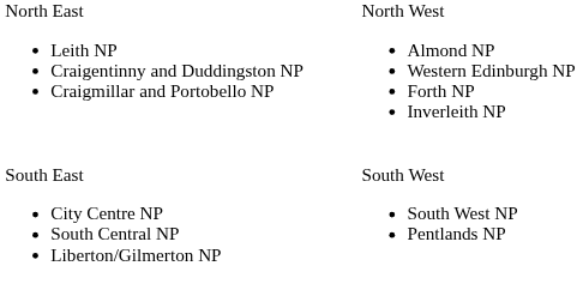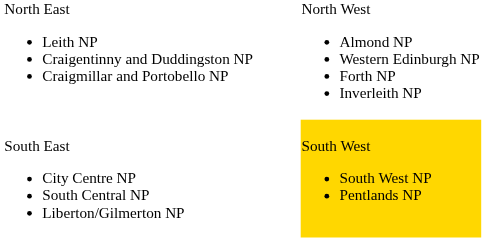 <table>
 <tr>
 <td style="vertical-align: top;padding-right: 3em;padding-left: 2em;"><br>North East<ul><li>Leith NP</li><li>Craigentinny and Duddingston NP</li><li>Craigmillar and Portobello NP</li></ul></td>
 <td><br>North West<ul><li>Almond NP</li><li>Western Edinburgh NP</li><li>Forth NP</li><li>Inverleith NP</li></ul></td>
 </tr>
 <tr>
 <td style="vertical-align: top;padding-right: 3em;padding-left: 2em;"><br>South East<ul><li>City Centre NP</li><li>South Central NP</li><li>Liberton/Gilmerton NP</li></ul></td>
-<td style="vertical-align: top;"><br>South West<ul><li>South West NP</li><li>Pentlands NP</li></ul></td>
+<td style="background: gold; vertical-align: top;"><br>South West<ul><li>South West NP</li><li>Pentlands NP</li></ul></td>
 </tr>
 </table>
